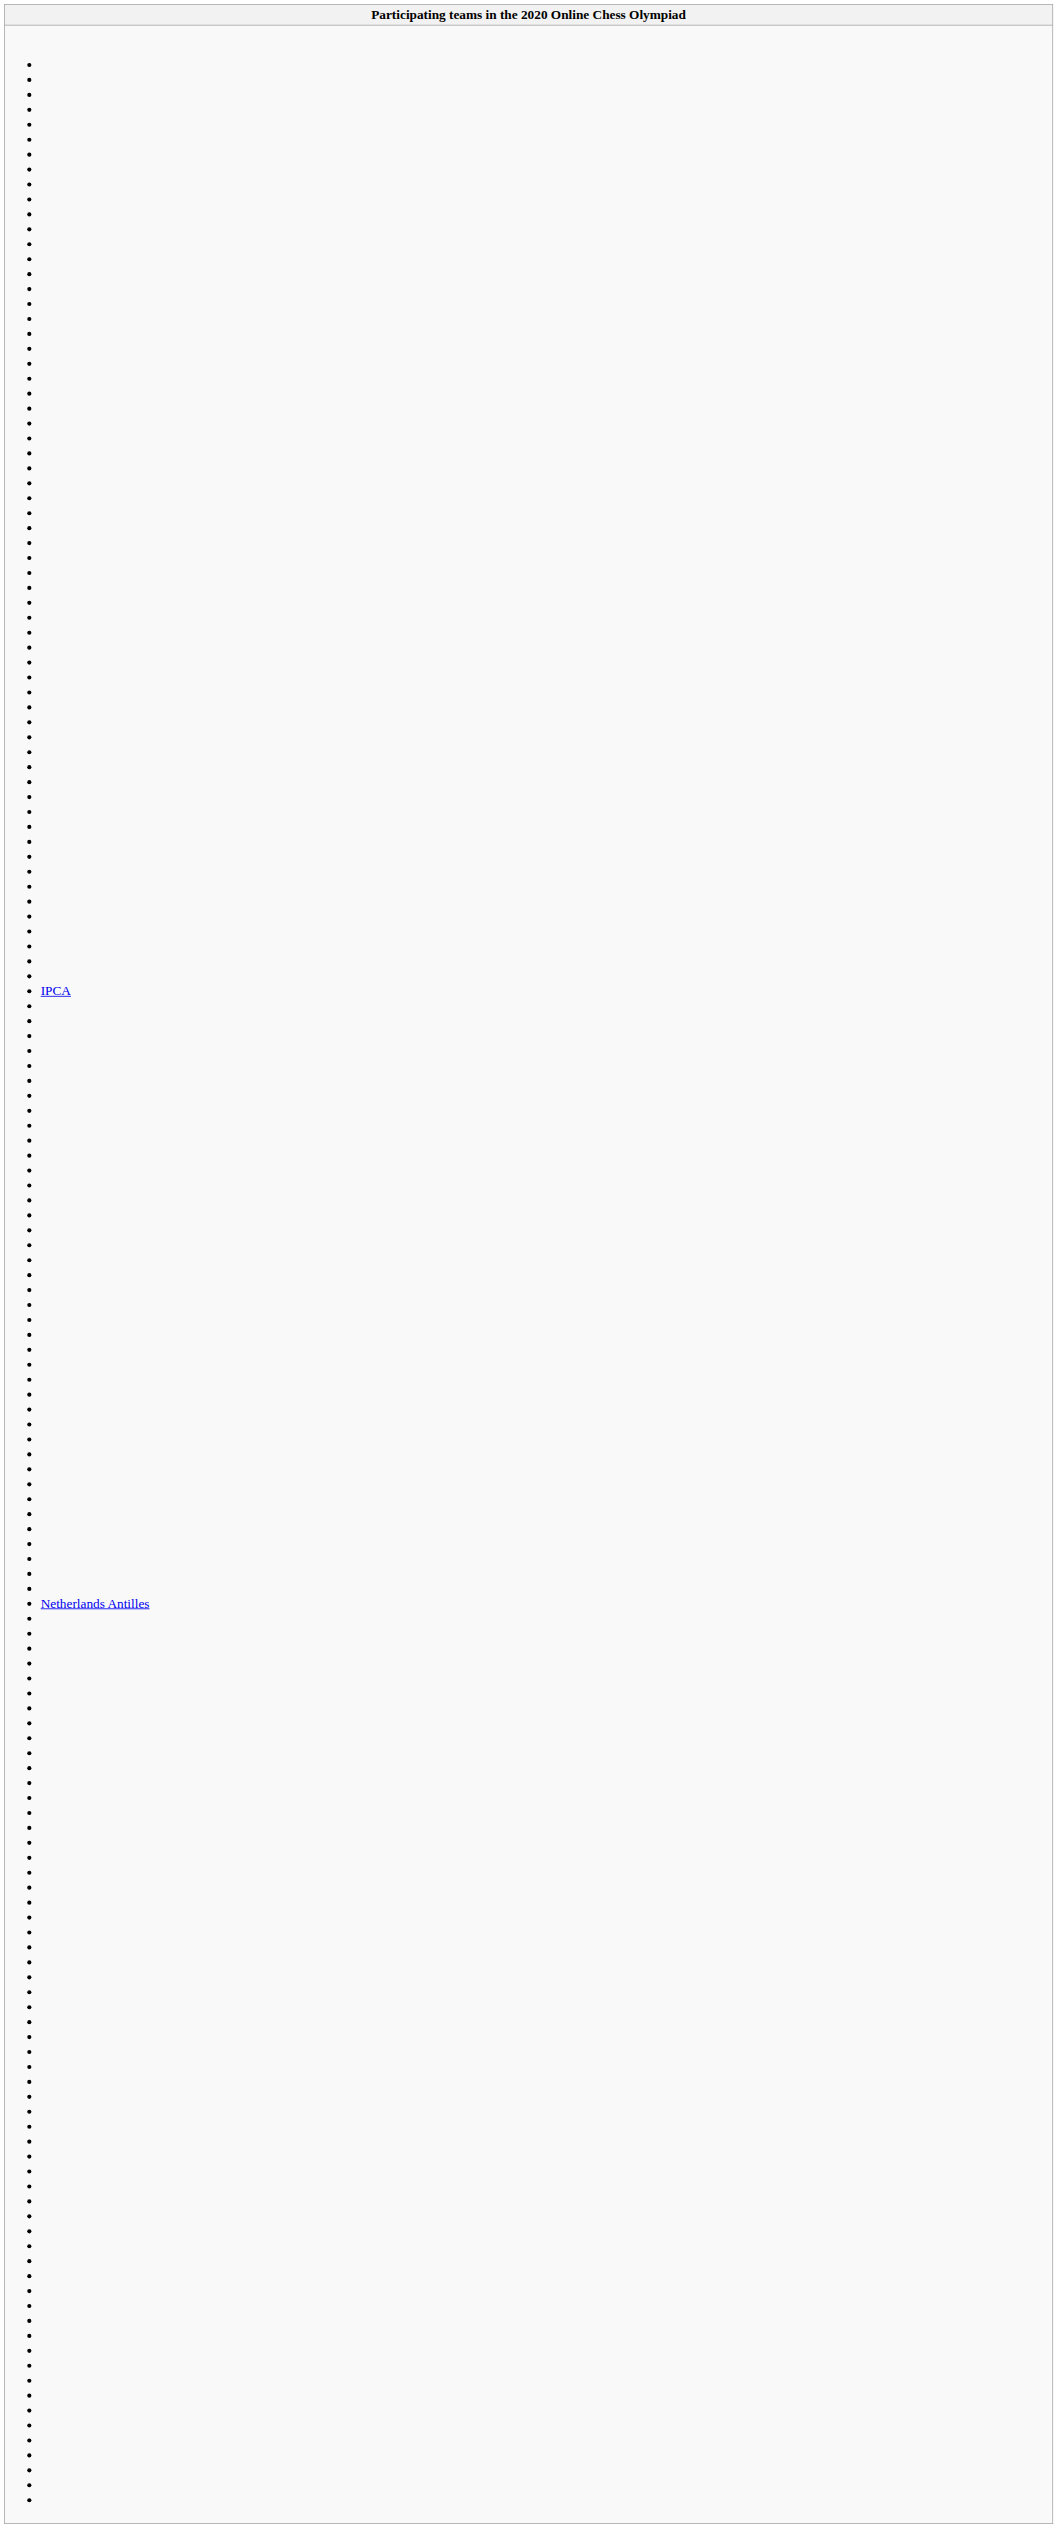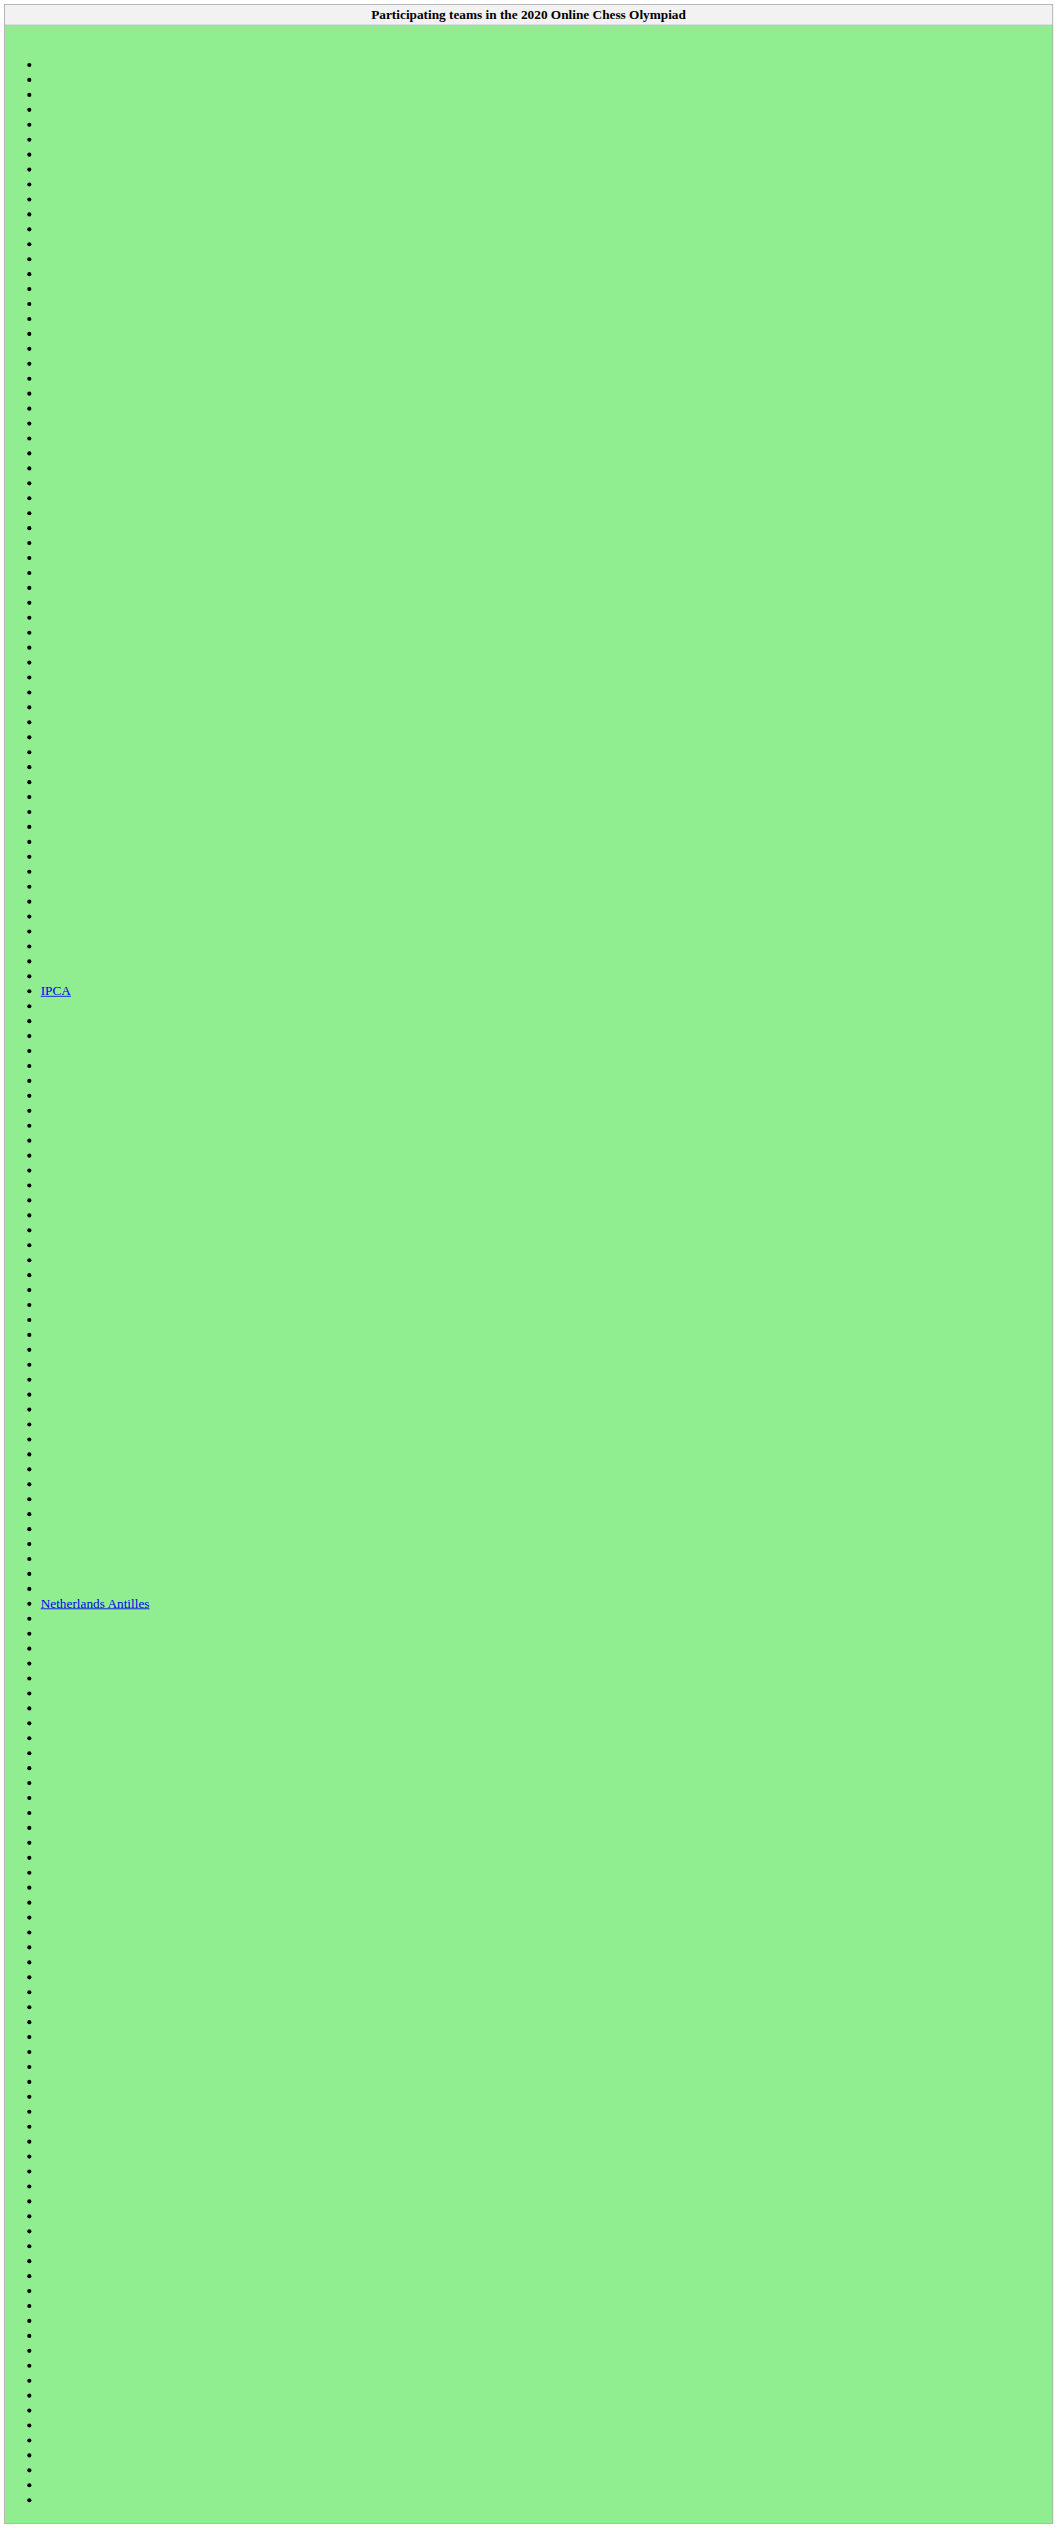 <table class="wikitable collapsible" style="width:100%;">
 <tr>
 <th>Participating teams in the 2020 Online Chess Olympiad</th>
 </tr>
 <tr>
-<td><br><ul><li></li><li></li><li></li><li></li><li></li><li></li><li></li><li></li><li></li><li></li><li></li><li></li><li></li><li></li><li></li><li></li><li></li><li></li><li></li><li></li><li></li><li></li><li></li><li></li><li></li><li></li><li></li><li></li><li></li><li></li><li></li><li></li><li></li><li></li><li></li><li></li><li></li><li></li><li></li><li></li><li></li><li></li><li></li><li></li><li></li><li></li><li></li><li></li><li></li><li></li><li></li><li></li><li></li><li></li><li></li><li></li><li></li><li></li><li></li><li></li><li></li><li></li><li><a href='#'>IPCA</a></li><li></li><li></li><li></li><li></li><li></li><li></li><li></li><li></li><li></li><li></li><li></li><li></li><li></li><li></li><li></li><li></li><li></li><li></li><li></li><li></li><li></li><li></li><li></li><li></li><li></li><li></li><li></li><li></li><li></li><li></li><li></li><li></li><li></li><li></li><li></li><li></li><li></li><li></li><li></li><li></li><li> <a href='#'>Netherlands Antilles</a></li><li></li><li></li><li></li><li></li><li></li><li></li><li></li><li></li><li></li><li></li><li></li><li></li><li></li><li></li><li></li><li></li><li></li><li></li><li></li><li></li><li></li><li></li><li></li><li></li><li></li><li></li><li></li><li></li><li></li><li></li><li></li><li></li><li></li><li></li><li></li><li></li><li></li><li></li><li></li><li></li><li></li><li></li><li></li><li></li><li></li><li></li><li></li><li></li><li></li><li></li><li></li><li></li><li></li><li></li><li></li><li></li><li></li><li></li><li></li><li></li></ul></td>
+<td style="background: lightgreen;"><br><ul><li></li><li></li><li></li><li></li><li></li><li></li><li></li><li></li><li></li><li></li><li></li><li></li><li></li><li></li><li></li><li></li><li></li><li></li><li></li><li></li><li></li><li></li><li></li><li></li><li></li><li></li><li></li><li></li><li></li><li></li><li></li><li></li><li></li><li></li><li></li><li></li><li></li><li></li><li></li><li></li><li></li><li></li><li></li><li></li><li></li><li></li><li></li><li></li><li></li><li></li><li></li><li></li><li></li><li></li><li></li><li></li><li></li><li></li><li></li><li></li><li></li><li></li><li><a href='#'>IPCA</a></li><li></li><li></li><li></li><li></li><li></li><li></li><li></li><li></li><li></li><li></li><li></li><li></li><li></li><li></li><li></li><li></li><li></li><li></li><li></li><li></li><li></li><li></li><li></li><li></li><li></li><li></li><li></li><li></li><li></li><li></li><li></li><li></li><li></li><li></li><li></li><li></li><li></li><li></li><li></li><li></li><li> <a href='#'>Netherlands Antilles</a></li><li></li><li></li><li></li><li></li><li></li><li></li><li></li><li></li><li></li><li></li><li></li><li></li><li></li><li></li><li></li><li></li><li></li><li></li><li></li><li></li><li></li><li></li><li></li><li></li><li></li><li></li><li></li><li></li><li></li><li></li><li></li><li></li><li></li><li></li><li></li><li></li><li></li><li></li><li></li><li></li><li></li><li></li><li></li><li></li><li></li><li></li><li></li><li></li><li></li><li></li><li></li><li></li><li></li><li></li><li></li><li></li><li></li><li></li><li></li><li></li></ul></td>
 </tr>
 </table>
